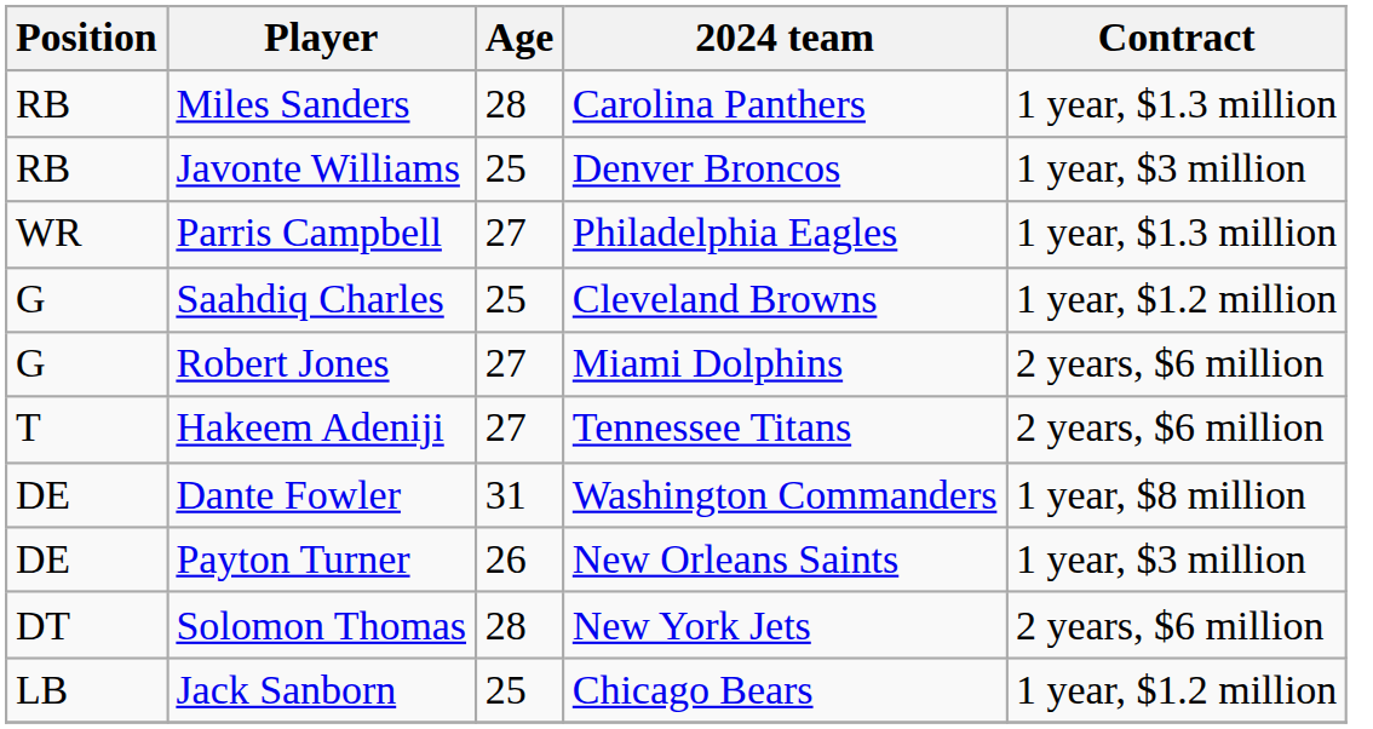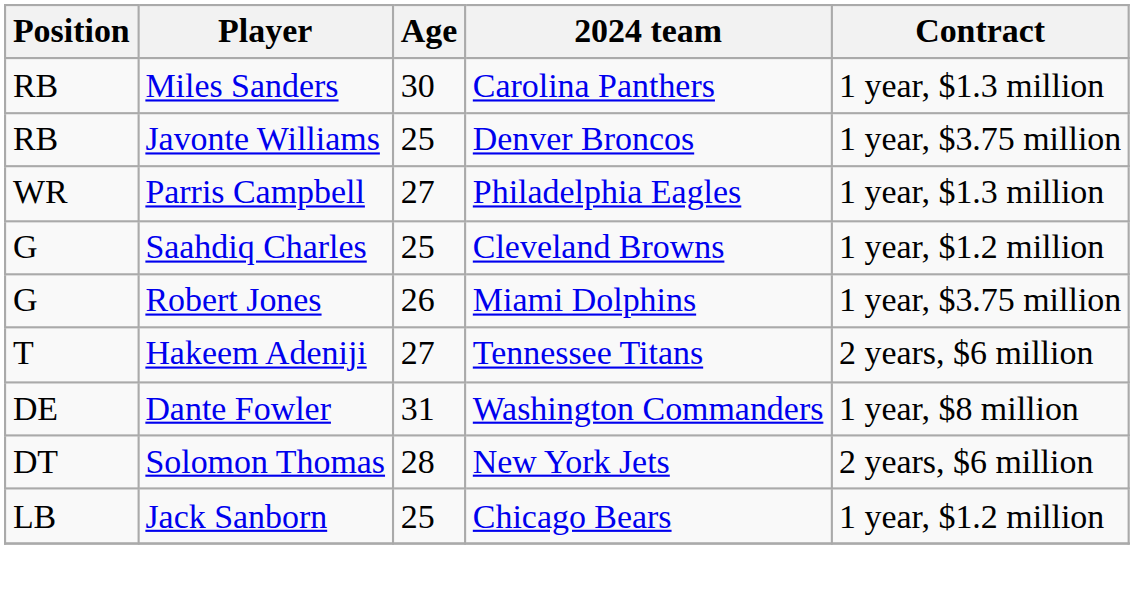 <table class="wikitable">
 <tr>
 <th>Position</th>
 <th>Player</th>
 <th>Age</th>
 <th>2024 team</th>
 <th>Contract</th>
 </tr>
 <tr>
 <td>RB</td>
 <td><a href='#'>Miles Sanders</a></td>
-<td>28</td>
+<td>30</td>
 <td><a href='#'>Carolina Panthers</a></td>
 <td>1 year, $1.3 million</td>
 </tr>
 <tr>
 <td>RB</td>
 <td><a href='#'>Javonte Williams</a></td>
 <td>25</td>
 <td><a href='#'>Denver Broncos</a></td>
-<td>1 year, $3 million</td>
+<td>1 year, $3.75 million</td>
 </tr>
 <tr>
 <td>WR</td>
 <td><a href='#'>Parris Campbell</a></td>
 <td>27</td>
 <td><a href='#'>Philadelphia Eagles</a></td>
 <td>1 year, $1.3 million</td>
 </tr>
 <tr>
 <td>G</td>
 <td><a href='#'>Saahdiq Charles</a></td>
 <td>25</td>
 <td><a href='#'>Cleveland Browns</a></td>
 <td>1 year, $1.2 million</td>
 </tr>
 <tr>
 <td>G</td>
 <td><a href='#'>Robert Jones</a></td>
-<td>27</td>
+<td>26</td>
 <td><a href='#'>Miami Dolphins</a></td>
-<td>2 years, $6 million</td>
+<td>1 year, $3.75 million</td>
 </tr>
 <tr>
 <td>T</td>
 <td><a href='#'>Hakeem Adeniji</a></td>
 <td>27</td>
 <td><a href='#'>Tennessee Titans</a></td>
 <td>2 years, $6 million</td>
 </tr>
 <tr>
 <td>DE</td>
 <td><a href='#'>Dante Fowler</a></td>
 <td>31</td>
 <td><a href='#'>Washington Commanders</a></td>
 <td>1 year, $8 million</td>
-</tr>
-<tr>
-<td>DE</td>
-<td><a href='#'>Payton Turner</a></td>
-<td>26</td>
-<td><a href='#'>New Orleans Saints</a></td>
-<td>1 year, $3 million</td>
 </tr>
 <tr>
 <td>DT</td>
 <td><a href='#'>Solomon Thomas</a></td>
 <td>28</td>
 <td><a href='#'>New York Jets</a></td>
 <td>2 years, $6 million</td>
 </tr>
 <tr>
 <td>LB</td>
 <td><a href='#'>Jack Sanborn</a></td>
 <td>25</td>
 <td><a href='#'>Chicago Bears</a></td>
 <td>1 year, $1.2 million</td>
 </tr>
 <tr>
 </tr>
 </table>
